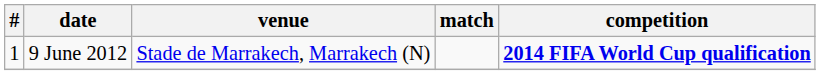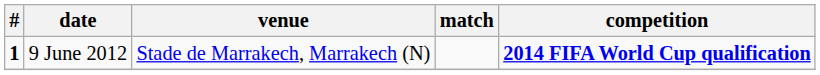 <table class="wikitable">
 <tr>
 <th>#</th>
 <th>date</th>
 <th>venue</th>
 <th>match</th>
 <th>competition</th>
 </tr>
 <tr>
-<td>1</td>
+<td><strong>1</strong></td>
 <td>9 June 2012</td>
 <td><a href='#'>Stade de Marrakech</a>, <a href='#'>Marrakech</a> (N)</td>
 <td></td>
 <td><strong><a href='#'>2014 FIFA World Cup qualification</a></strong></td>
 </tr>
 <tr>
 </tr>
 </table>
